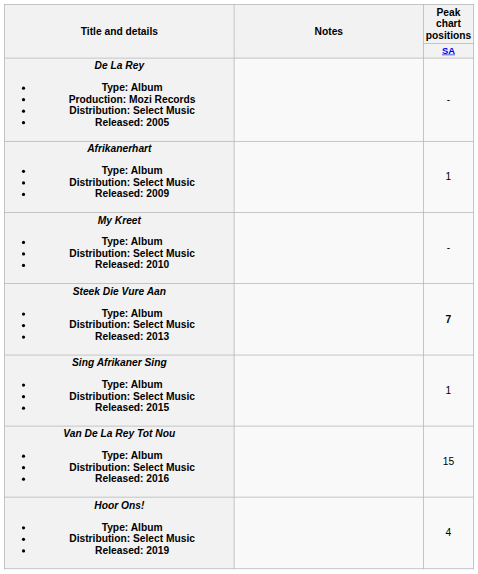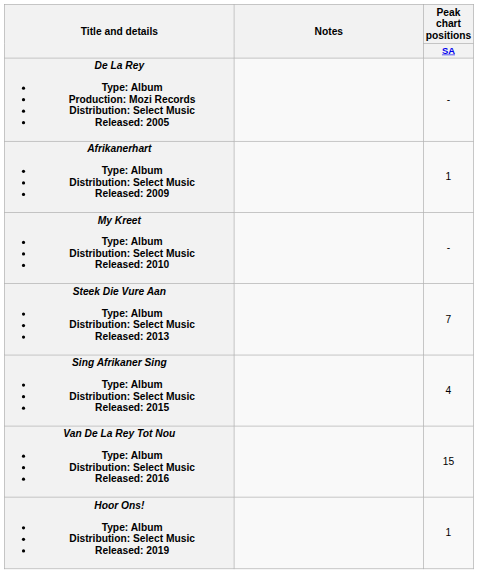 <table class="wikitable plainrowheaders" style="text-align:center;">
 <tr>
 <th rowspan="2" style="width:22em;">Title and details</th>
 <th rowspan="2" style="width:18em;">Notes</th>
 <th colspan="1">Peak chart<br>positions</th>
 </tr>
 <tr style="font-size:smaller;">
 <th scope="col" style="width:3em;font-size:110%;"><a href='#'>SA</a></th>
 </tr>
 <tr>
 <th scope="row"><strong><em>De La Rey</em></strong><br><ul><li>Type: Album</li><li>Production: Mozi Records</li><li>Distribution: Select Music</li><li>Released: 2005</li></ul></th>
 <td><br></td>
 <td>-</td>
 </tr>
 <tr>
 <th scope="row"><strong><em>Afrikanerhart</em></strong><br><ul><li>Type: Album</li><li>Distribution: Select Music</li><li>Released: 2009</li></ul></th>
 <td><br></td>
 <td>1</td>
 </tr>
 <tr>
 <th scope="row"><strong><em>My Kreet</em></strong><br><ul><li>Type: Album</li><li>Distribution: Select Music</li><li>Released: 2010</li></ul></th>
 <td><br></td>
 <td>-</td>
 </tr>
 <tr>
 <th scope="row"><strong><em>Steek Die Vure Aan</em></strong><br><ul><li>Type: Album</li><li>Distribution: Select Music</li><li>Released: 2013</li></ul></th>
 <td><br></td>
-<td><strong>7</strong></td>
+<td>7</td>
 </tr>
 <tr>
 <th scope="row"><strong><em>Sing Afrikaner Sing</em></strong><br><ul><li>Type: Album</li><li>Distribution: Select Music</li><li>Released: 2015</li></ul></th>
 <td><br></td>
-<td>1</td>
+<td>4</td>
 </tr>
 <tr>
 <th scope="row"><strong><em>Van De La Rey Tot Nou</em></strong><br><ul><li>Type: Album</li><li>Distribution: Select Music</li><li>Released: 2016</li></ul></th>
 <td></td>
 <td>15</td>
 </tr>
 <tr>
 <th scope="row"><strong><em>Hoor Ons!</em></strong><br><ul><li>Type: Album</li><li>Distribution: Select Music</li><li>Released: 2019</li></ul></th>
 <td></td>
-<td>4</td>
+<td>1</td>
 </tr>
 </table>
